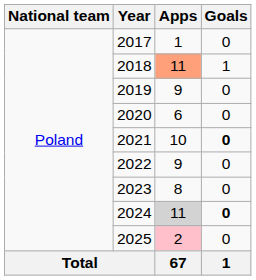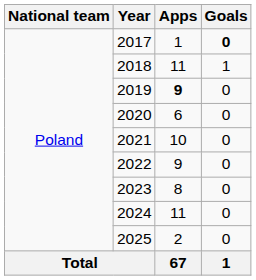 <table class="wikitable" style="text-align: center;">
 <tr>
 <th>National team</th>
 <th>Year</th>
 <th>Apps</th>
 <th>Goals</th>
 </tr>
 <tr>
 <td rowspan="9"><a href='#'>Poland</a></td>
 <td>2017</td>
 <td>1</td>
-<td>0</td>
+<td><strong>0</strong></td>
 </tr>
 <tr>
 <td>2018</td>
-<td style="background: lightsalmon;">11</td>
+<td>11</td>
 <td>1</td>
 </tr>
 <tr>
 <td>2019</td>
-<td>9</td>
+<td><strong>9</strong></td>
 <td>0</td>
 </tr>
 <tr>
 <td>2020</td>
 <td>6</td>
 <td>0</td>
 </tr>
 <tr>
 <td>2021</td>
 <td>10</td>
-<td><strong>0</strong></td>
+<td>0</td>
 </tr>
 <tr>
 <td>2022</td>
 <td>9</td>
 <td>0</td>
 </tr>
 <tr>
 <td>2023</td>
 <td>8</td>
 <td>0</td>
 </tr>
 <tr>
 <td>2024</td>
-<td style="background: lightgrey;">11</td>
-<td><strong>0</strong></td>
+<td>11</td>
+<td>0</td>
 </tr>
 <tr>
 <td>2025</td>
-<td style="background: pink;">2</td>
+<td>2</td>
 <td>0</td>
 </tr>
 <tr>
 <th colspan="2">Total</th>
 <th>67</th>
 <th>1</th>
 </tr>
 </table>
